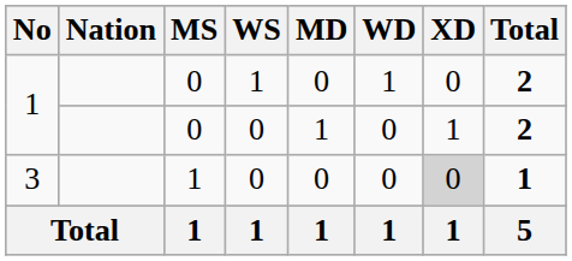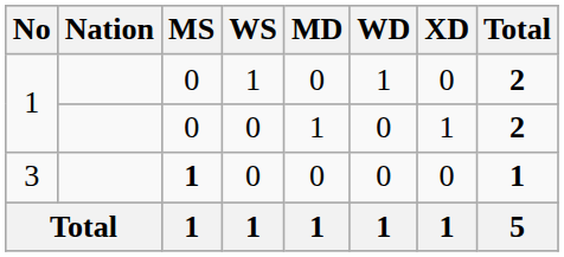 <table class="wikitable" style="text-align:center">
 <tr>
 <th>No</th>
 <th>Nation</th>
 <th>MS</th>
 <th>WS</th>
 <th>MD</th>
 <th>WD</th>
 <th>XD</th>
 <th>Total</th>
 </tr>
 <tr>
 <td rowspan="2">1</td>
 <td align=left></td>
 <td>0</td>
 <td>1</td>
 <td>0</td>
 <td>1</td>
 <td>0</td>
 <td><strong>2</strong></td>
 </tr>
 <tr>
 <td align=left></td>
 <td>0</td>
 <td>0</td>
 <td>1</td>
 <td>0</td>
 <td>1</td>
 <td><strong>2</strong></td>
 </tr>
 <tr>
 <td>3</td>
 <td align=left></td>
-<td>1</td>
+<td><strong>1</strong></td>
 <td>0</td>
 <td>0</td>
 <td>0</td>
-<td style="background: lightgrey;">0</td>
+<td>0</td>
 <td><strong>1</strong></td>
 </tr>
 <tr>
 <th colspan="2">Total</th>
 <th>1</th>
 <th>1</th>
 <th>1</th>
 <th>1</th>
 <th>1</th>
 <th>5</th>
 </tr>
 </table>
